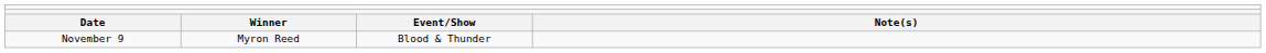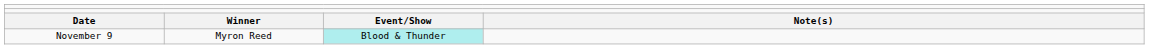 <table class="wikitable" style="text-align:center; width:100%;">
 <tr>
 <td colspan="4"></td>
 </tr>
 <tr>
 <td colspan="4"><strong></strong></td>
 </tr>
 <tr>
 <th width=14%>Date</th>
 <th width=14%>Winner</th>
 <th width=14%>Event/Show</th>
 <th width=58%>Note(s)</th>
 </tr>
 <tr>
 <td>November 9</td>
 <td>Myron Reed</td>
-<td>Blood & Thunder</td>
+<td style="background: paleturquoise;">Blood & Thunder</td>
 <td></td>
 </tr>
 </table>
